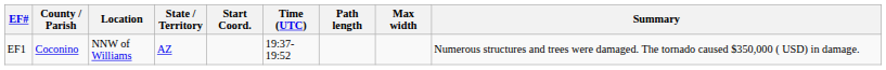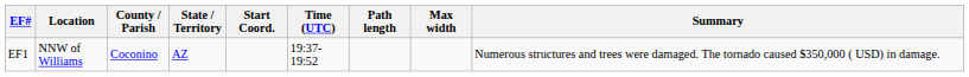 <table class="wikitable sortable" style="width:100%;">
 <tr>
 <th scope="col"  style="width:3%; text-align:center;"><a href='#'>EF#</a></th>
+<th scope="col"  style="width:7%; text-align:center;" class="unsortable">Location</th>
 <th scope="col"  style="width:6%; text-align:center;" class="unsortable">County / Parish</th>
-<th scope="col"  style="width:7%; text-align:center;" class="unsortable">Location</th>
 <th scope="col"  style="width:5%; text-align:center;">State / Territory</th>
 <th scope="col"  style="width:6%; text-align:center;">Start Coord.</th>
 <th scope="col"  style="width:6%; text-align:center;">Time (<a href='#'>UTC</a>)</th>
 <th scope="col"  style="width:6%; text-align:center;">Path length</th>
 <th scope="col"  style="width:6%; text-align:center;">Max width</th>
 <th scope="col" class="unsortable" style="width:48%; text-align:center;">Summary</th>
 </tr>
 <tr>
 <td>EF1</td>
+<td>NNW of <a href='#'>Williams</a></td>
 <td><a href='#'>Coconino</a></td>
-<td>NNW of <a href='#'>Williams</a></td>
 <td><a href='#'>AZ</a></td>
 <td></td>
 <td>19:37-19:52</td>
 <td></td>
 <td></td>
 <td>Numerous structures and trees were damaged. The tornado caused $350,000 ( USD) in damage.</td>
 </tr>
 </table>
